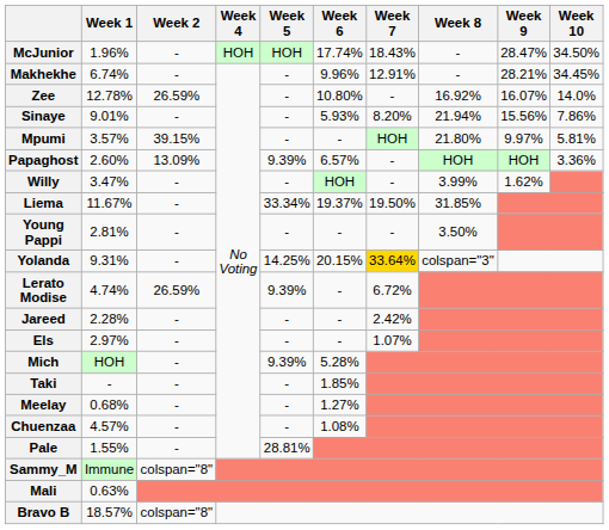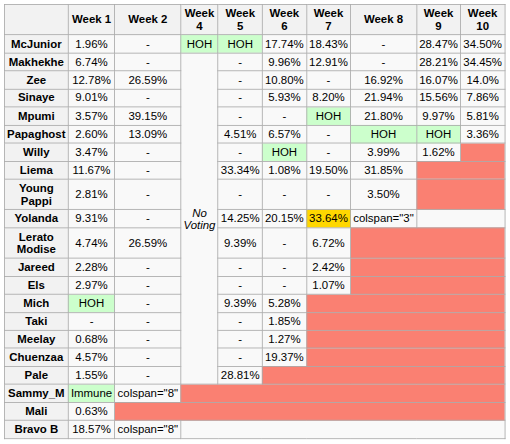 <table class="wikitable" style="text-align:center; width:50%; font-size:85%; line-height:15px;">
 <tr>
 <th style="width:1%;"></th>
 <th style="width:5%;">Week 1</th>
 <th style="width:5%;">Week 2</th>
 <th style="width:5%;">Week 4</th>
 <th style="width:5%;">Week 5</th>
 <th style="width:5%;">Week 6</th>
 <th style="width:5%;">Week 7</th>
 <th style="width:5%;">Week 8</th>
 <th style="width:5%;">Week 9</th>
 <th style="width:5%;">Week 10</th>
 </tr>
 <tr>
 <th>McJunior</th>
 <td>1.96%</td>
 <td>-</td>
 <td style="background:#cfc;">HOH</td>
 <td style="background:#cfc;">HOH</td>
 <td>17.74%</td>
 <td>18.43%</td>
 <td>-</td>
 <td>28.47%</td>
 <td>34.50%</td>
 </tr>
 <tr>
 <th>Makhekhe</th>
 <td>6.74%</td>
 <td>-</td>
 <td rowspan="17"><em>No Voting</em></td>
 <td>-</td>
 <td>9.96%</td>
 <td>12.91%</td>
 <td>-</td>
 <td>28.21%</td>
 <td>34.45%</td>
 </tr>
 <tr>
 <th>Zee</th>
 <td>12.78%</td>
 <td>26.59%</td>
 <td>-</td>
 <td>10.80%</td>
 <td>-</td>
 <td>16.92%</td>
 <td>16.07%</td>
 <td>14.0%</td>
 </tr>
 <tr>
 <th>Sinaye</th>
 <td>9.01%</td>
 <td>-</td>
 <td>-</td>
 <td>5.93%</td>
 <td>8.20%</td>
 <td>21.94%</td>
 <td>15.56%</td>
 <td>7.86%</td>
 </tr>
 <tr>
 <th>Mpumi</th>
 <td>3.57%</td>
 <td>39.15%</td>
 <td>-</td>
 <td>-</td>
 <td style="background:#cfc;">HOH</td>
 <td>21.80%</td>
 <td>9.97%</td>
 <td>5.81%</td>
 </tr>
 <tr>
 <th>Papaghost</th>
 <td>2.60%</td>
 <td>13.09%</td>
-<td>9.39%</td>
+<td>4.51%</td>
 <td>6.57%</td>
 <td>-</td>
 <td style="background:#cfc;">HOH</td>
 <td style="background:#cfc;">HOH</td>
 <td>3.36%</td>
 </tr>
 <tr>
 <th>Willy</th>
 <td>3.47%</td>
 <td>-</td>
 <td>-</td>
 <td style="background:#cfc;">HOH</td>
 <td>-</td>
 <td>3.99%</td>
 <td>1.62%</td>
 <td colspan="1" bgcolor="salmon"></td>
 </tr>
 <tr>
 <th>Liema</th>
 <td>11.67%</td>
 <td>-</td>
 <td>33.34%</td>
-<td>19.37%</td>
+<td>1.08%</td>
 <td>19.50%</td>
 <td>31.85%</td>
 <td colspan="2" bgcolor="salmon"></td>
 </tr>
 <tr>
 <th>Young Pappi</th>
 <td>2.81%</td>
 <td>-</td>
 <td>-</td>
 <td>-</td>
 <td>-</td>
 <td>3.50%</td>
 <td colspan="2" bgcolor="salmon"></td>
 </tr>
 <tr>
 <th>Yolanda</th>
 <td>9.31%</td>
 <td>-</td>
 <td>14.25%</td>
 <td>20.15%</td>
 <td style="background: gold;">33.64%</td>
 <td>colspan="3" </td>
 </tr>
 <tr>
 <th>Lerato Modise</th>
 <td>4.74%</td>
 <td>26.59%</td>
 <td>9.39%</td>
 <td>-</td>
 <td>6.72%</td>
 <td colspan="3" bgcolor="salmon"></td>
 </tr>
 <tr>
 <th>Jareed</th>
 <td>2.28%</td>
 <td>-</td>
 <td>-</td>
 <td>-</td>
 <td>2.42%</td>
 <td colspan="4" bgcolor="salmon"></td>
 </tr>
 <tr>
 <th>Els</th>
 <td>2.97%</td>
 <td>-</td>
 <td>-</td>
 <td>-</td>
 <td>1.07%</td>
 <td colspan="4" bgcolor="salmon"></td>
 </tr>
 <tr>
 <th>Mich</th>
 <td style="background:#cfc;">HOH</td>
 <td>-</td>
 <td>9.39%</td>
 <td>5.28%</td>
 <td colspan="5" bgcolor="salmon"></td>
 </tr>
 <tr>
 <th>Taki</th>
 <td>-</td>
 <td>-</td>
 <td>-</td>
 <td>1.85%</td>
 <td colspan="5" bgcolor="salmon"></td>
 </tr>
 <tr>
 <th>Meelay</th>
 <td>0.68%</td>
 <td>-</td>
 <td>-</td>
 <td>1.27%</td>
 <td colspan="5" bgcolor="salmon"></td>
 </tr>
 <tr>
 <th>Chuenzaa</th>
 <td>4.57%</td>
 <td>-</td>
 <td>-</td>
-<td>1.08%</td>
+<td>19.37%</td>
 <td colspan="5" bgcolor="salmon"></td>
 </tr>
 <tr>
 <th>Pale</th>
 <td>1.55%</td>
 <td>-</td>
 <td>28.81%</td>
 <td colspan="6" bgcolor="salmon"></td>
 </tr>
 <tr>
 <th>Sammy_M</th>
 <td style="background:#cfc;">Immune</td>
 <td>colspan="8" </td>
 <td colspan="7" bgcolor="salmon"></td>
 </tr>
 <tr>
 <th>Mali</th>
 <td>0.63%</td>
 <td colspan="8" bgcolor="salmon"></td>
 </tr>
 <tr>
 <th>Bravo B</th>
 <td>18.57%</td>
 <td>colspan="8" </td>
 </tr>
 </table>
